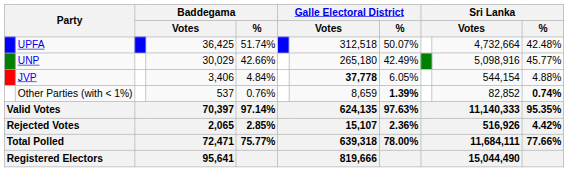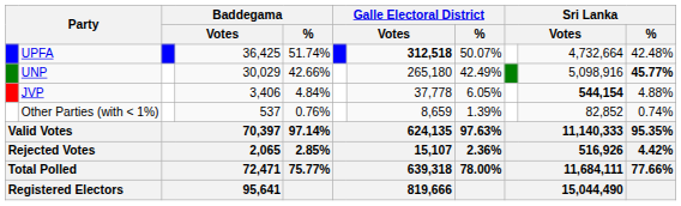 <table class="wikitable">
 <tr>
 <th colspan="2" width="144px"rowspan="2">Party</th>
 <th colspan="3" width="216px">Baddegama</th>
 <th colspan="3" width="216px"><a href='#'>Galle Electoral District</a></th>
 <th colspan="3" width="216px">Sri Lanka</th>
 </tr>
 <tr>
 <th colspan="2" width="144px">Votes</th>
 <th>%</th>
 <th colspan="2" width="144px">Votes</th>
 <th>%</th>
 <th colspan="2" width="144px">Votes</th>
 <th>%</th>
 </tr>
 <tr>
 <td style="background-color:blue;" width="10px"></td>
 <td style="text-align:left;"><a href='#'>UPFA</a></td>
 <td style="background-color:blue;" width="10px"></td>
 <td style="text-align:right;">36,425</td>
 <td style="text-align:right;">51.74%</td>
 <td style="background-color:blue;" width="10px"></td>
-<td style="text-align:right;">312,518</td>
+<td style="text-align:right;"><strong>312,518</strong></td>
 <td style="text-align:right;">50.07%</td>
 <td style="background-color:white;" width="10px"></td>
 <td style="text-align:right;">4,732,664</td>
 <td style="text-align:right;">42.48%</td>
 </tr>
 <tr>
 <td style="background-color:green;" width="10px"></td>
 <td style="text-align:left;"><a href='#'>UNP</a></td>
 <td style="background-color:white;" width="10px"></td>
 <td style="text-align:right;">30,029</td>
 <td style="text-align:right;">42.66%</td>
 <td style="background-color:white;" width="10px"></td>
 <td style="text-align:right;">265,180</td>
 <td style="text-align:right;">42.49%</td>
 <td style="background-color:green;" width="10px"></td>
 <td style="text-align:right;">5,098,916</td>
-<td style="text-align:right;">45.77%</td>
+<td style="text-align:right;"><strong>45.77%</strong></td>
 </tr>
 <tr>
 <td style="background-color:red;" width="10px"></td>
 <td style="text-align:left;"><a href='#'>JVP</a></td>
 <td style="background-color:white;" width="10px"></td>
 <td style="text-align:right;">3,406</td>
 <td style="text-align:right;">4.84%</td>
 <td style="background-color:white;" width="10px"></td>
-<td style="text-align:right;"><strong>37,778</strong></td>
+<td style="text-align:right;">37,778</td>
 <td style="text-align:right;">6.05%</td>
 <td style="background-color:white;" width="10px"></td>
-<td style="text-align:right;">544,154</td>
+<td style="text-align:right;"><strong>544,154</strong></td>
 <td style="text-align:right;">4.88%</td>
 </tr>
 <tr>
 <td style="background-color:white;" width="10px"></td>
 <td style="text-align:left;">Other Parties (with < 1%)</td>
 <td style="background-color:white;" width="10px"></td>
 <td style="text-align:right;">537</td>
 <td style="text-align:right;">0.76%</td>
 <td style="background-color:white;" width="10px"></td>
 <td style="text-align:right;">8,659</td>
-<td style="text-align:right;"><strong>1.39%</strong></td>
+<td style="text-align:right;">1.39%</td>
 <td style="background-color:white;" width="10px"></td>
 <td style="text-align:right;">82,852</td>
-<td style="text-align:right;"><strong>0.74%</strong></td>
+<td style="text-align:right;">0.74%</td>
 </tr>
 <tr>
 <th colspan="2" width="144px"style="text-align:left;">Valid Votes</th>
 <th style="text-align:right;"colspan="2" width="144px">70,397</th>
 <th style="text-align:right;">97.14%</th>
 <th style="text-align:right;"colspan="2" width="144px">624,135</th>
 <th style="text-align:right;">97.63%</th>
 <th style="text-align:right;"colspan="2" width="144px">11,140,333</th>
 <th style="text-align:right;">95.35%</th>
 </tr>
 <tr>
 <th colspan="2" width="144px"style="text-align:left;">Rejected Votes</th>
 <th style="text-align:right;"colspan="2" width="144px">2,065</th>
 <th style="text-align:right;">2.85%</th>
 <th style="text-align:right;"colspan="2" width="144px">15,107</th>
 <th style="text-align:right;">2.36%</th>
 <th style="text-align:right;"colspan="2" width="144px">516,926</th>
 <th style="text-align:right;">4.42%</th>
 </tr>
 <tr>
 <th colspan="2" width="144px"style="text-align:left;">Total Polled</th>
 <th style="text-align:right;"colspan="2" width="144px">72,471</th>
 <th style="text-align:right;">75.77%</th>
 <th style="text-align:right;"colspan="2" width="144px">639,318</th>
 <th style="text-align:right;">78.00%</th>
 <th style="text-align:right;"colspan="2" width="144px">11,684,111</th>
 <th style="text-align:right;">77.66%</th>
 </tr>
 <tr>
 <th colspan="2" width="144px"style="text-align:left;">Registered Electors</th>
 <th style="text-align:right;"colspan="2" width="144px">95,641</th>
 <th></th>
 <th style="text-align:right;"colspan="2" width="144px">819,666</th>
 <th></th>
 <th style="text-align:right;"colspan="2" width="144px">15,044,490</th>
 <th></th>
 </tr>
 </table>
